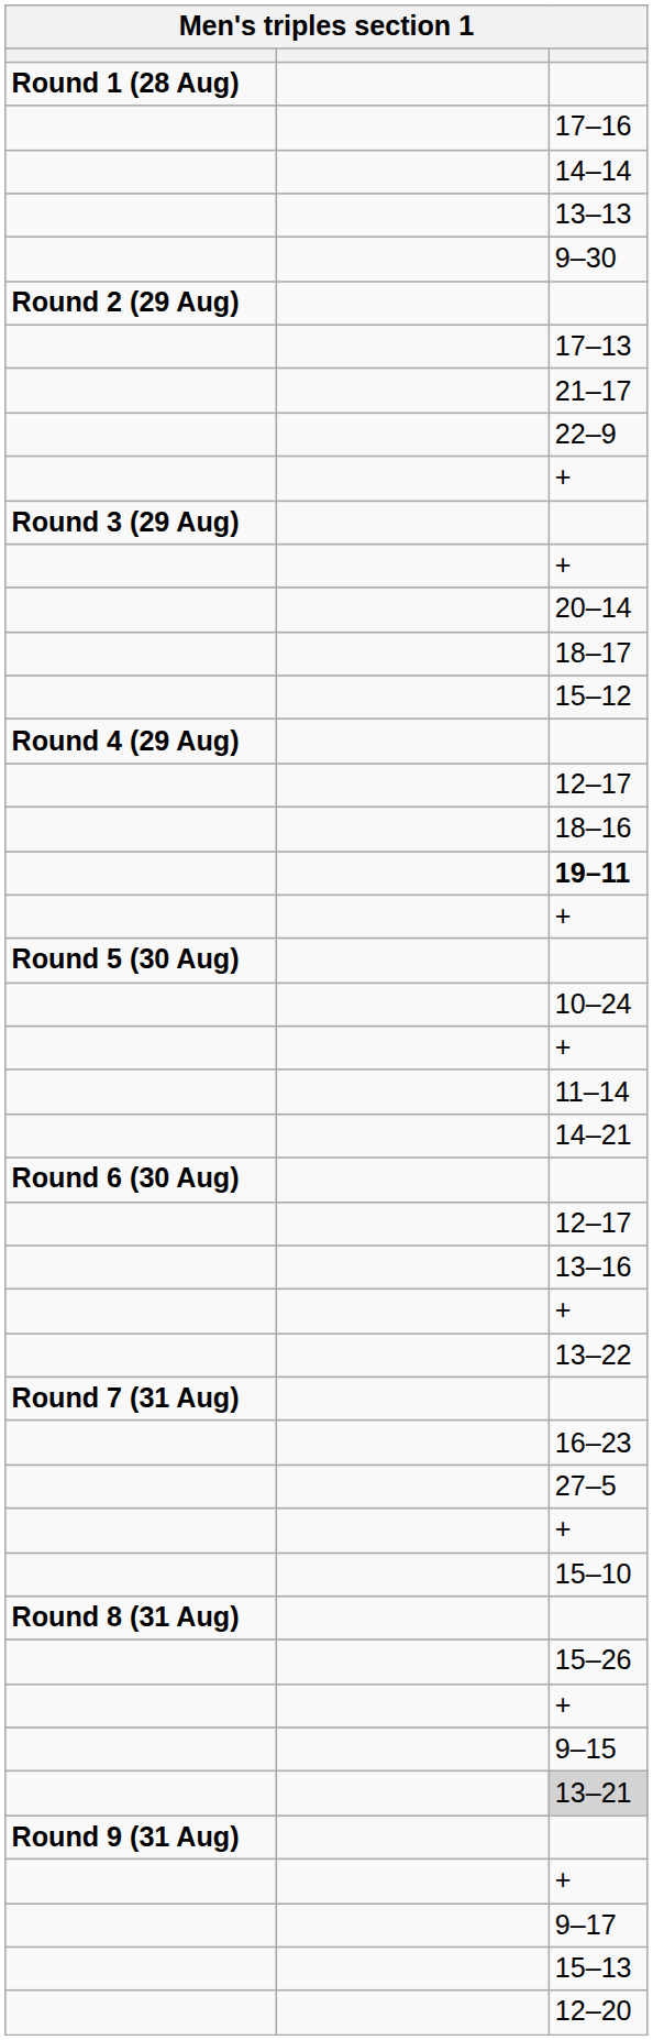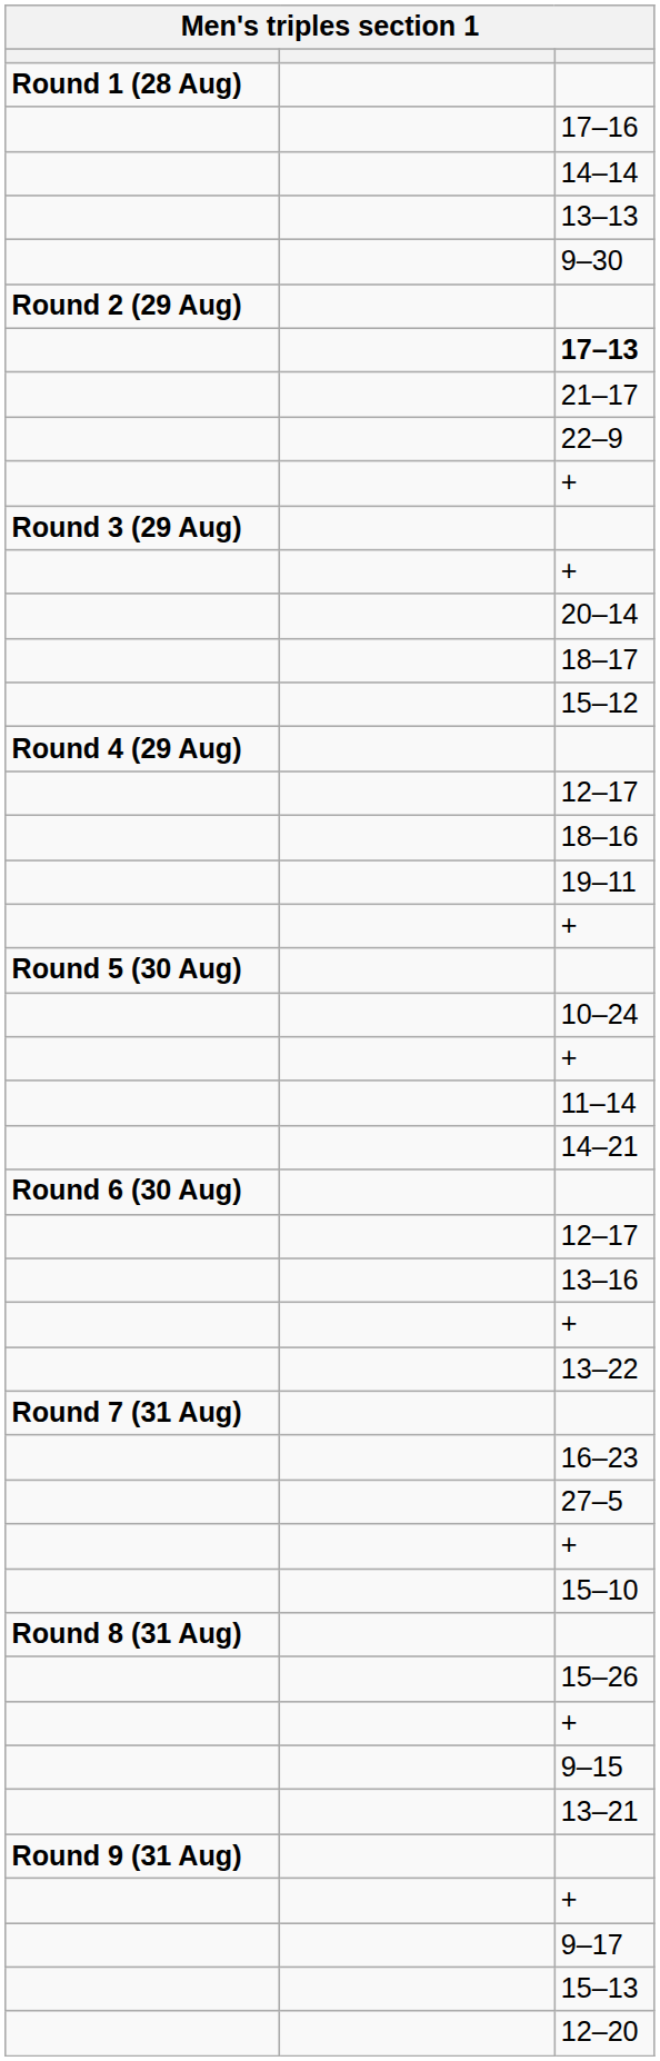 <table class="wikitable">
 <tr>
 <th colspan="3">Men's triples section 1</th>
 </tr>
 <tr>
 <th width=150></th>
 <th width=150></th>
 <th width=50></th>
 </tr>
 <tr>
 <td><strong>Round 1 (28 Aug)</strong></td>
 <td></td>
 <td></td>
 </tr>
 <tr>
 <td></td>
 <td></td>
 <td>17–16</td>
 </tr>
 <tr>
 <td></td>
 <td></td>
 <td>14–14</td>
 </tr>
 <tr>
 <td></td>
 <td></td>
 <td>13–13</td>
 </tr>
 <tr>
 <td></td>
 <td></td>
 <td>9–30</td>
 </tr>
 <tr>
 <td><strong>Round 2 (29 Aug)</strong></td>
 <td></td>
 <td></td>
 </tr>
 <tr>
 <td></td>
 <td></td>
-<td>17–13</td>
+<td><strong>17–13</strong></td>
 </tr>
 <tr>
 <td></td>
 <td></td>
 <td>21–17</td>
 </tr>
 <tr>
 <td></td>
 <td></td>
 <td>22–9</td>
 </tr>
 <tr>
 <td></td>
 <td></td>
 <td>+</td>
 </tr>
 <tr>
 <td><strong>Round 3 (29 Aug)</strong></td>
 <td></td>
 <td></td>
 </tr>
 <tr>
 <td></td>
 <td></td>
 <td>+</td>
 </tr>
 <tr>
 <td></td>
 <td></td>
 <td>20–14</td>
 </tr>
 <tr>
 <td></td>
 <td></td>
 <td>18–17</td>
 </tr>
 <tr>
 <td></td>
 <td></td>
 <td>15–12</td>
 </tr>
 <tr>
 <td><strong>Round 4 (29 Aug)</strong></td>
 <td></td>
 <td></td>
 </tr>
 <tr>
 <td></td>
 <td></td>
 <td>12–17</td>
 </tr>
 <tr>
 <td></td>
 <td></td>
 <td>18–16</td>
 </tr>
 <tr>
 <td></td>
 <td></td>
-<td><strong>19–11</strong></td>
+<td>19–11</td>
 </tr>
 <tr>
 <td></td>
 <td></td>
 <td>+</td>
 </tr>
 <tr>
 <td><strong>Round 5 (30 Aug)</strong></td>
 <td></td>
 <td></td>
 </tr>
 <tr>
 <td></td>
 <td></td>
 <td>10–24</td>
 </tr>
 <tr>
 <td></td>
 <td></td>
 <td>+</td>
 </tr>
 <tr>
 <td></td>
 <td></td>
 <td>11–14</td>
 </tr>
 <tr>
 <td></td>
 <td></td>
 <td>14–21</td>
 </tr>
 <tr>
 <td><strong>Round 6  (30 Aug)</strong></td>
 <td></td>
 <td></td>
 </tr>
 <tr>
 <td></td>
 <td></td>
 <td>12–17</td>
 </tr>
 <tr>
 <td></td>
 <td></td>
 <td>13–16</td>
 </tr>
 <tr>
 <td></td>
 <td></td>
 <td>+</td>
 </tr>
 <tr>
 <td></td>
 <td></td>
 <td>13–22</td>
 </tr>
 <tr>
 <td><strong>Round 7 (31 Aug)</strong></td>
 <td></td>
 <td></td>
 </tr>
 <tr>
 <td></td>
 <td></td>
 <td>16–23</td>
 </tr>
 <tr>
 <td></td>
 <td></td>
 <td>27–5</td>
 </tr>
 <tr>
 <td></td>
 <td></td>
 <td>+</td>
 </tr>
 <tr>
 <td></td>
 <td></td>
 <td>15–10</td>
 </tr>
 <tr>
 <td><strong>Round 8 (31 Aug)</strong></td>
 <td></td>
 <td></td>
 </tr>
 <tr>
 <td></td>
 <td></td>
 <td>15–26</td>
 </tr>
 <tr>
 <td></td>
 <td></td>
 <td>+</td>
 </tr>
 <tr>
 <td></td>
 <td></td>
 <td>9–15</td>
 </tr>
 <tr>
 <td></td>
 <td></td>
-<td style="background: lightgrey;">13–21</td>
+<td>13–21</td>
 </tr>
 <tr>
 <td><strong>Round 9 (31 Aug)</strong></td>
 <td></td>
 <td></td>
 </tr>
 <tr>
 <td></td>
 <td></td>
 <td>+</td>
 </tr>
 <tr>
 <td></td>
 <td></td>
 <td>9–17</td>
 </tr>
 <tr>
 <td></td>
 <td></td>
 <td>15–13</td>
 </tr>
 <tr>
 <td></td>
 <td></td>
 <td>12–20</td>
 </tr>
 </table>
